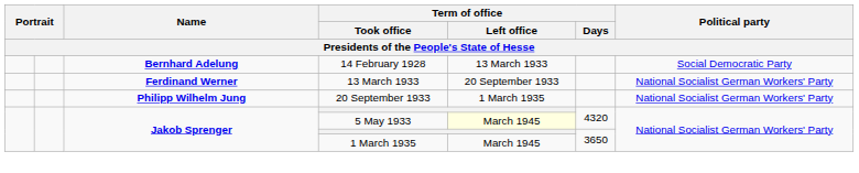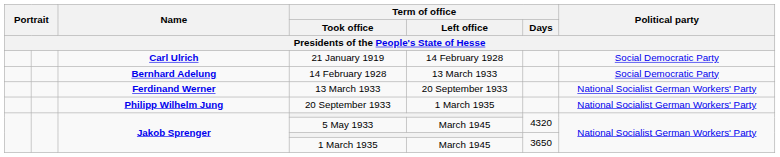 <table class="wikitable" style="text-align:center; width:100%; border:1px #AAAAFF solid">
 <tr>
 <th width=80px rowspan=2 colspan=2>Portrait</th>
 <th width=30% rowspan=2>Name<br></th>
 <th width=35% colspan=3>Term of office</th>
 <th width=28% rowspan=2>Political party</th>
 </tr>
 <tr>
 <th>Took office</th>
 <th>Left office</th>
 <th>Days</th>
 </tr>
 <tr>
 <th colspan="7">Presidents of the <a href='#'>People's State of Hesse</a></th>
+</tr>
+<tr>
+<td style="background:"></td>
+<td></td>
+<td><strong><a href='#'>Carl Ulrich</a></strong><br></td>
+<td>21 January 1919</td>
+<td>14 February 1928</td>
+<td></td>
+<td><a href='#'>Social Democratic Party</a></td>
 </tr>
 <tr>
 <td style="background:"></td>
 <td></td>
 <td><strong><a href='#'>Bernhard Adelung</a></strong><br></td>
 <td>14 February 1928</td>
 <td>13 March 1933</td>
 <td></td>
 <td><a href='#'>Social Democratic Party</a></td>
 </tr>
 <tr>
 <td style="background:"></td>
 <td></td>
 <td><strong><a href='#'>Ferdinand Werner</a></strong><br></td>
 <td>13 March 1933</td>
 <td>20 September 1933</td>
 <td></td>
 <td><a href='#'>National Socialist German Workers' Party</a></td>
 </tr>
 <tr>
 <td style="background:"></td>
 <td></td>
 <td><strong><a href='#'>Philipp Wilhelm Jung</a></strong><br></td>
 <td>20 September 1933</td>
 <td>1 March 1935</td>
 <td></td>
 <td><a href='#'>National Socialist German Workers' Party</a></td>
 </tr>
 <tr>
 <td rowspan="4" style="background:"></td>
 <td rowspan="4"></td>
 <td rowspan="4"><strong><a href='#'>Jakob Sprenger</a></strong><br></td>
 <th colspan="2"></th>
 <td rowspan="2"> 4320</td>
 <td rowspan="4"><a href='#'>National Socialist German Workers' Party</a></td>
 </tr>
 <tr>
 <td>5 May 1933</td>
-<td style="background: lightyellow;">March 1945</td>
+<td>March 1945</td>
 </tr>
 <tr>
 <th colspan="2"></th>
 <td rowspan="2"> 3650</td>
 </tr>
 <tr>
 <td>1 March 1935</td>
 <td>March 1945</td>
 </tr>
 </table>
